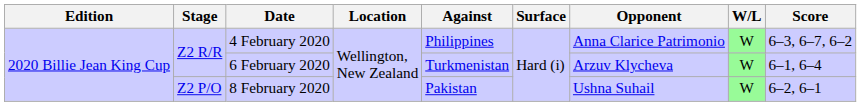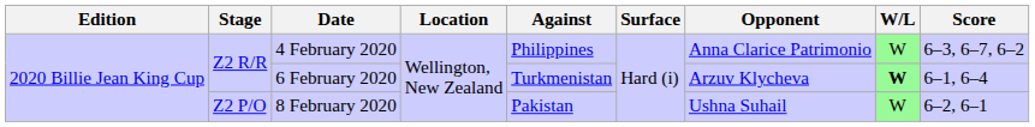 <table class=wikitable>
 <tr>
 <th>Edition</th>
 <th>Stage</th>
 <th>Date</th>
 <th>Location</th>
 <th>Against</th>
 <th>Surface</th>
 <th>Opponent</th>
 <th>W/L</th>
 <th>Score</th>
 </tr>
 <tr style="background:#ccf;">
 <td rowspan="3"><a href='#'>2020 Billie Jean King Cup</a></td>
 <td rowspan="2"><a href='#'>Z2 R/R</a></td>
 <td>4 February 2020</td>
 <td rowspan="3">Wellington, <br>New Zealand</td>
 <td> <a href='#'>Philippines</a></td>
 <td rowspan="3">Hard (i)</td>
 <td><a href='#'>Anna Clarice Patrimonio</a></td>
 <td style="text-align:center; background:#98fb98;">W</td>
 <td>6–3, 6–7, 6–2</td>
 </tr>
 <tr style="background:#ccf;">
 <td>6 February 2020</td>
 <td> <a href='#'>Turkmenistan</a></td>
 <td><a href='#'>Arzuv Klycheva</a></td>
-<td style="text-align:center; background:#98fb98;">W</td>
+<td style="text-align:center; background:#98fb98;"><strong>W</strong></td>
 <td>6–1, 6–4</td>
 </tr>
 <tr style="background:#ccf;">
 <td rowspan="2"><a href='#'>Z2 P/O</a></td>
 <td>8 February 2020</td>
 <td> <a href='#'>Pakistan</a></td>
 <td><a href='#'>Ushna Suhail</a></td>
 <td style="text-align:center; background:#98fb98;">W</td>
 <td>6–2, 6–1</td>
 </tr>
 </table>
